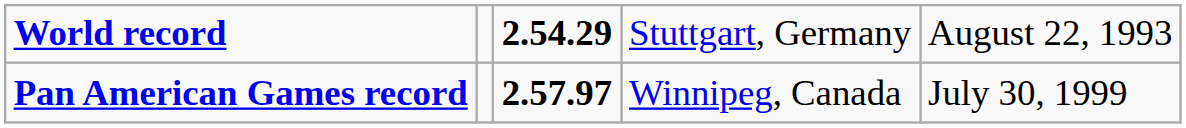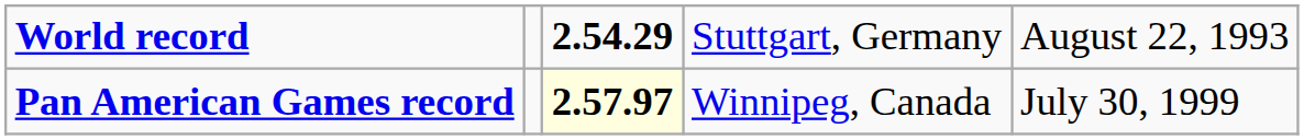 <table class="wikitable">
 <tr>
 <td><strong><a href='#'>World record</a></strong></td>
 <td></td>
 <td><strong>2.54.29</strong></td>
 <td><a href='#'>Stuttgart</a>, Germany</td>
 <td>August 22, 1993</td>
 </tr>
 <tr>
 <td><strong><a href='#'>Pan American Games record</a></strong></td>
 <td></td>
-<td><strong>2.57.97</strong></td>
+<td style="background: lightyellow;"><strong>2.57.97</strong></td>
 <td><a href='#'>Winnipeg</a>, Canada</td>
 <td>July 30, 1999</td>
 </tr>
 </table>
